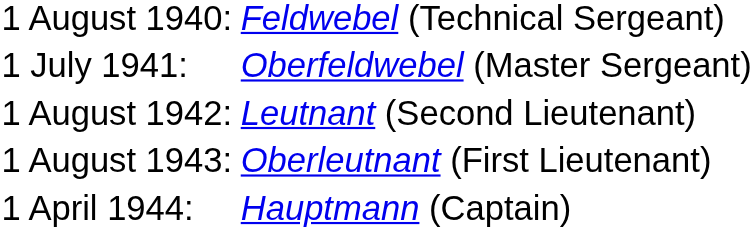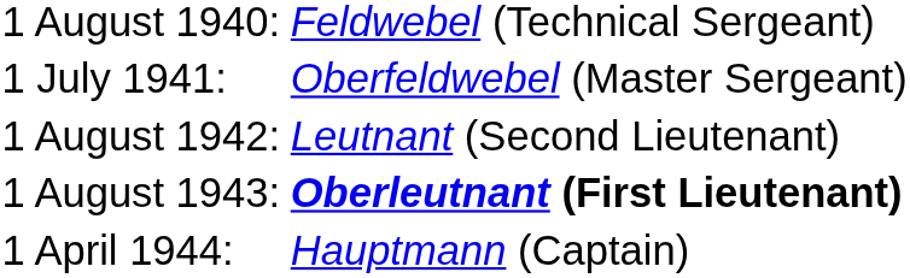 <table>
 <tr>
 <td>1 August 1940:</td>
 <td><em><a href='#'>Feldwebel</a></em> (Technical Sergeant)</td>
 </tr>
 <tr>
 <td>1 July 1941:</td>
 <td><em><a href='#'>Oberfeldwebel</a></em> (Master Sergeant)</td>
 </tr>
 <tr>
 <td>1 August 1942:</td>
 <td><em><a href='#'>Leutnant</a></em> (Second Lieutenant)</td>
 </tr>
 <tr>
 <td>1 August 1943:</td>
-<td><em><a href='#'>Oberleutnant</a></em> (First Lieutenant)</td>
+<td><strong><em><a href='#'>Oberleutnant</a></em> (First Lieutenant)</strong></td>
 </tr>
 <tr>
 <td>1 April 1944:</td>
 <td><em><a href='#'>Hauptmann</a></em> (Captain)</td>
 </tr>
 </table>
